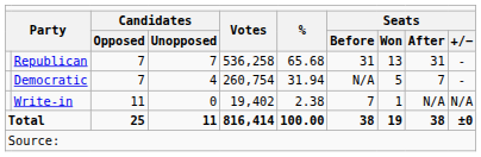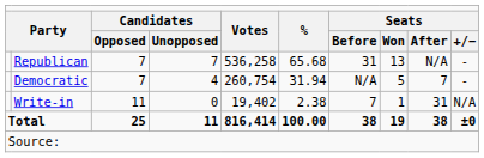 <table class="wikitable">
 <tr>
 <td colspan="12" style="text-align:center;"></td>
 </tr>
 <tr>
 <th colspan="2" rowspan="2">Party</th>
 <th colspan="2">Candidates</th>
 <th rowspan="2">Votes</th>
 <th rowspan="2">%</th>
 <th colspan="4">Seats</th>
 </tr>
 <tr>
 <th>Opposed</th>
 <th>Unopposed</th>
 <th>Before</th>
 <th>Won</th>
 <th>After</th>
 <th>+/−</th>
 </tr>
 <tr>
 <td style="background-color:"></td>
 <td><a href='#'>Republican</a></td>
 <td style="text-align:right;">7</td>
 <td style="text-align:right;">7</td>
 <td style="text-align:right;">536,258</td>
 <td style="text-align:right;">65.68</td>
 <td style="text-align:right;">31</td>
 <td style="text-align:right;">13</td>
-<td style="text-align:right;">31</td>
+<td style="text-align:right;">N/A</td>
 <td style="text-align:center;">-</td>
 </tr>
 <tr>
 <td style="background-color:"></td>
 <td><a href='#'>Democratic</a></td>
 <td style="text-align:right;">7</td>
 <td style="text-align:right;">4</td>
 <td style="text-align:right;">260,754</td>
 <td style="text-align:right;">31.94</td>
 <td style="text-align:right;">N/A</td>
 <td style="text-align:right;">5</td>
 <td style="text-align:right;">7</td>
 <td style="text-align:center;">-</td>
 </tr>
 <tr>
 <td></td>
 <td><a href='#'>Write-in</a></td>
 <td style="text-align:right;">11</td>
 <td style="text-align:right;">0</td>
 <td style="text-align:right;">19,402</td>
 <td style="text-align:right;">2.38</td>
 <td style="text-align:right;">7</td>
 <td style="text-align:right;">1</td>
-<td style="text-align:right;">N/A</td>
+<td style="text-align:right;">31</td>
 <td style="text-align:right;">N/A</td>
 </tr>
 <tr>
 <td colspan="2"><strong>Total</strong></td>
 <td style="text-align:right;"><strong>25</strong></td>
 <td style="text-align:right;"><strong>11</strong></td>
 <td style="text-align:right;"><strong>816,414</strong></td>
 <td style="text-align:right;"><strong>100.00</strong></td>
 <td style="text-align:right;"><strong>38</strong></td>
 <td style="text-align:right;"><strong>19</strong></td>
 <td style="text-align:right;"><strong>38</strong></td>
 <td style="text-align:right;"><strong>±0</strong></td>
 </tr>
 <tr>
 <td colspan="10">Source: <em></em></td>
 </tr>
 </table>
